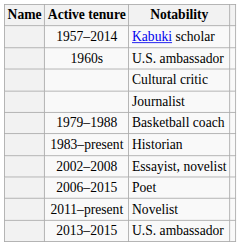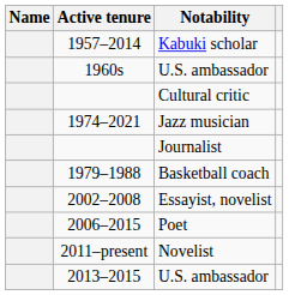 <table class="wikitable sortable plainrowheaders floatright" style="border:2px solid #">
 <tr>
 <th scope="col">Name</th>
 <th scope="col">Active tenure</th>
 <th scope="col">Notability</th>
 <th scope="col"></th>
 </tr>
 <tr>
 <th scope="row"></th>
 <td style="text-align:center;">1957–2014</td>
 <td><a href='#'>Kabuki</a> scholar</td>
 <td style="text-align:center;"></td>
 </tr>
 <tr>
 <th scope="row"></th>
 <td style="text-align:center;">1960s</td>
 <td>U.S. ambassador</td>
 <td style="text-align:center;"></td>
 </tr>
 <tr>
 <th scope="row"></th>
 <td style="text-align:center;"></td>
 <td>Cultural critic</td>
 <td style="text-align:center;"></td>
 </tr>
 <tr>
 <th scope="row"></th>
+<td style="text-align:center;">1974–2021</td>
+<td>Jazz musician</td>
+<td style="text-align:center;"></td>
+</tr>
+<tr>
+<th scope="row"></th>
 <td style="text-align:center;"></td>
 <td>Journalist</td>
 <td style="text-align:center;"></td>
 </tr>
 <tr>
 <th scope="row"></th>
 <td style="text-align:center;">1979–1988</td>
 <td>Basketball coach</td>
-<td style="text-align:center;"></td>
-</tr>
-<tr>
-<th scope="row"></th>
-<td style="text-align:center;">1983–present</td>
-<td>Historian</td>
 <td style="text-align:center;"></td>
 </tr>
 <tr>
 <th scope="row"></th>
 <td style="text-align:center;">2002–2008</td>
 <td>Essayist, novelist</td>
 <td style="text-align:center;"></td>
 </tr>
 <tr>
 <th scope="row"></th>
 <td style="text-align:center;">2006–2015</td>
 <td>Poet</td>
 <td style="text-align:center;"></td>
 </tr>
 <tr>
 <th scope="row"></th>
 <td style="text-align:center;">2011–present</td>
 <td>Novelist</td>
 <td style="text-align:center;"></td>
 </tr>
 <tr>
 <th scope="row"></th>
 <td style="text-align:center;">2013–2015</td>
 <td>U.S. ambassador</td>
 <td style="text-align:center;"><br></td>
 </tr>
 </table>
